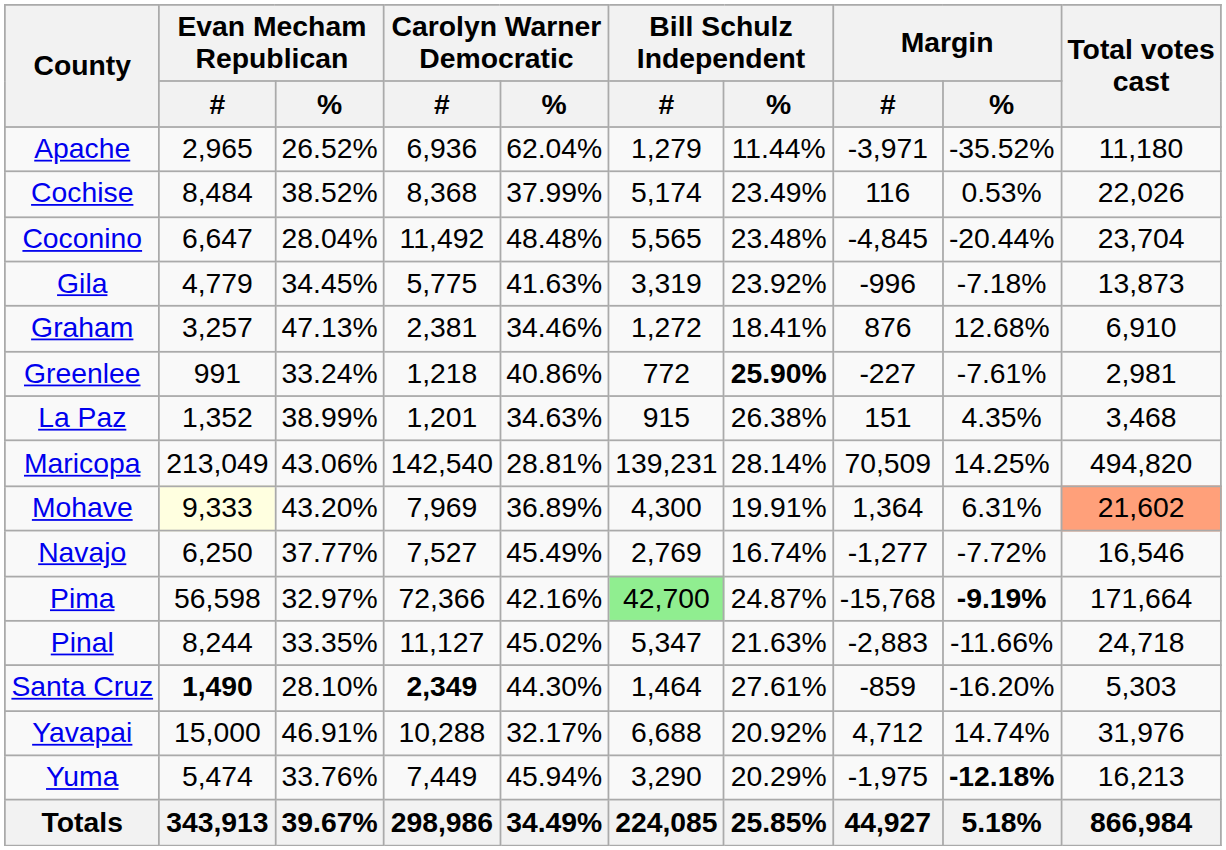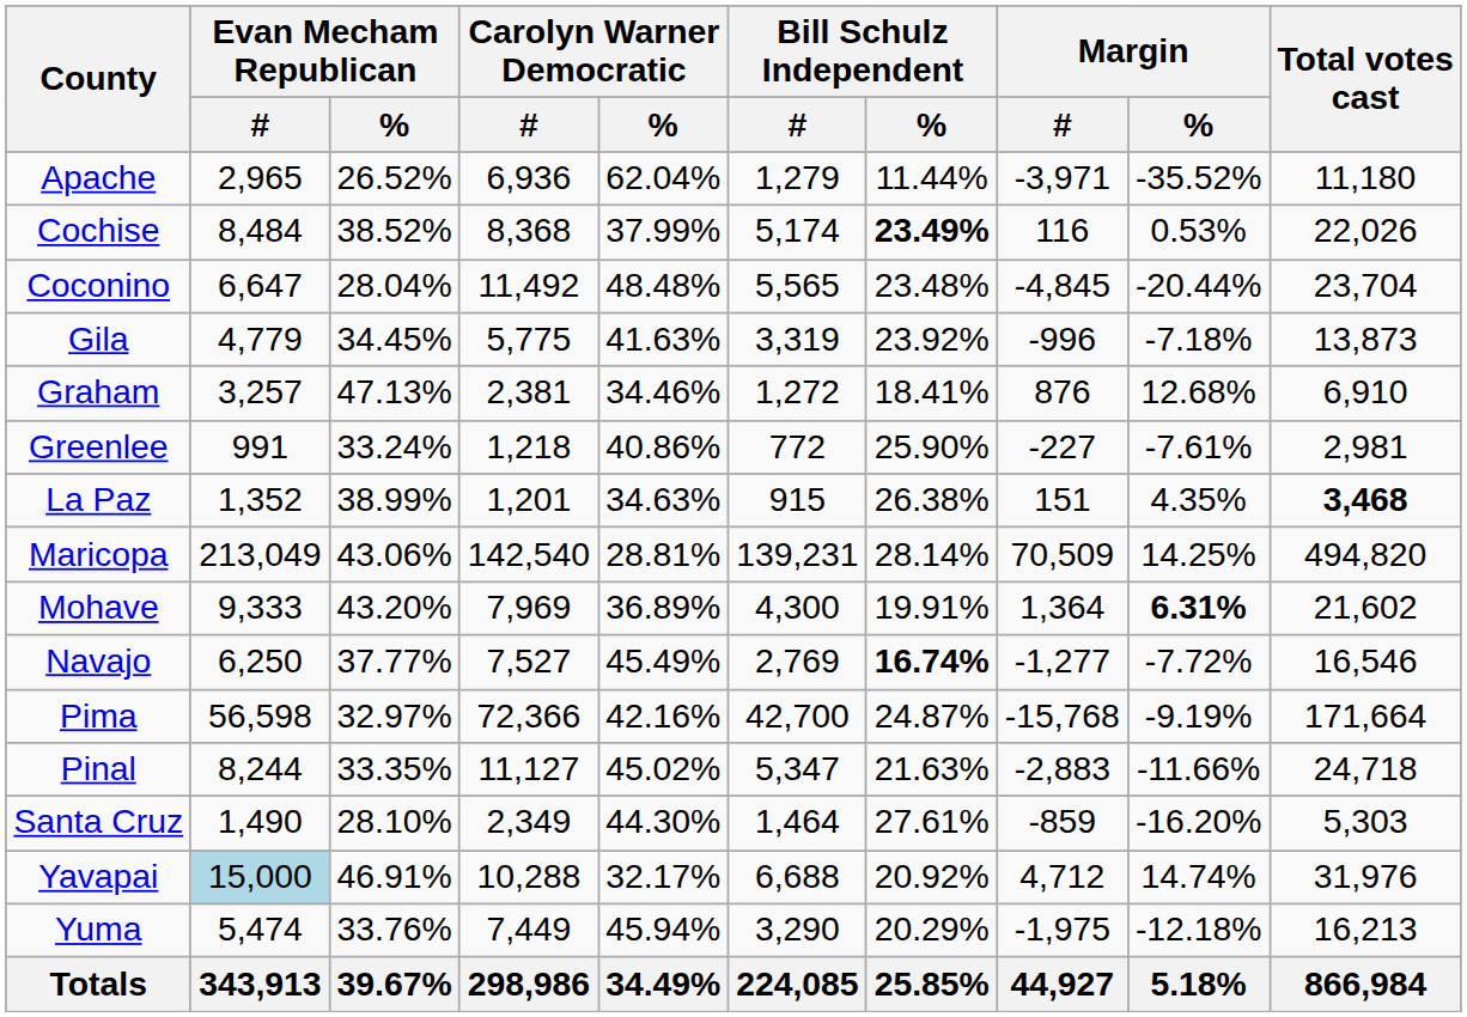 <table class="wikitable sortable">
 <tr>
 <th rowspan="2">County</th>
 <th style="text-align:center;" colspan="2">Evan Mecham<br>Republican</th>
 <th style="text-align:center;" colspan="2">Carolyn Warner<br>Democratic</th>
 <th style="text-align:center;" colspan="2">Bill Schulz<br>Independent</th>
 <th style="text-align:center;" colspan="2">Margin</th>
 <th style="text-align:center;" rowspan="2">Total votes<br>cast</th>
 </tr>
 <tr>
 <th style="text-align:center;" data-sort-type="number">#</th>
 <th style="text-align:center;" data-sort-type="number">%</th>
 <th style="text-align:center;" data-sort-type="number">#</th>
 <th style="text-align:center;" data-sort-type="number">%</th>
 <th style="text-align:center;" data-sort-type="number">#</th>
 <th style="text-align:center;" data-sort-type="number">%</th>
 <th style="text-align:center;" data-sort-type="number">#</th>
 <th style="text-align:center;" data-sort-type="number">%</th>
 </tr>
 <tr style="text-align:center;">
 <td><a href='#'>Apache</a></td>
 <td>2,965</td>
 <td>26.52%</td>
 <td>6,936</td>
 <td>62.04%</td>
 <td>1,279</td>
 <td>11.44%</td>
 <td>-3,971</td>
 <td>-35.52%</td>
 <td>11,180</td>
 </tr>
 <tr style="text-align:center;">
 <td><a href='#'>Cochise</a></td>
 <td>8,484</td>
 <td>38.52%</td>
 <td>8,368</td>
 <td>37.99%</td>
 <td>5,174</td>
-<td>23.49%</td>
+<td><strong>23.49%</strong></td>
 <td>116</td>
 <td>0.53%</td>
 <td>22,026</td>
 </tr>
 <tr style="text-align:center;">
 <td><a href='#'>Coconino</a></td>
 <td>6,647</td>
 <td>28.04%</td>
 <td>11,492</td>
 <td>48.48%</td>
 <td>5,565</td>
 <td>23.48%</td>
 <td>-4,845</td>
 <td>-20.44%</td>
 <td>23,704</td>
 </tr>
 <tr style="text-align:center;">
 <td><a href='#'>Gila</a></td>
 <td>4,779</td>
 <td>34.45%</td>
 <td>5,775</td>
 <td>41.63%</td>
 <td>3,319</td>
 <td>23.92%</td>
 <td>-996</td>
 <td>-7.18%</td>
 <td>13,873</td>
 </tr>
 <tr style="text-align:center;">
 <td><a href='#'>Graham</a></td>
 <td>3,257</td>
 <td>47.13%</td>
 <td>2,381</td>
 <td>34.46%</td>
 <td>1,272</td>
 <td>18.41%</td>
 <td>876</td>
 <td>12.68%</td>
 <td>6,910</td>
 </tr>
 <tr style="text-align:center;">
 <td><a href='#'>Greenlee</a></td>
 <td>991</td>
 <td>33.24%</td>
 <td>1,218</td>
 <td>40.86%</td>
 <td>772</td>
-<td><strong>25.90%</strong></td>
+<td>25.90%</td>
 <td>-227</td>
 <td>-7.61%</td>
 <td>2,981</td>
 </tr>
 <tr style="text-align:center;">
 <td><a href='#'>La Paz</a></td>
 <td>1,352</td>
 <td>38.99%</td>
 <td>1,201</td>
 <td>34.63%</td>
 <td>915</td>
 <td>26.38%</td>
 <td>151</td>
 <td>4.35%</td>
-<td>3,468</td>
+<td><strong>3,468</strong></td>
 </tr>
 <tr style="text-align:center;">
 <td><a href='#'>Maricopa</a></td>
 <td>213,049</td>
 <td>43.06%</td>
 <td>142,540</td>
 <td>28.81%</td>
 <td>139,231</td>
 <td>28.14%</td>
 <td>70,509</td>
 <td>14.25%</td>
 <td>494,820</td>
 </tr>
 <tr style="text-align:center;">
 <td><a href='#'>Mohave</a></td>
-<td style="background: lightyellow;">9,333</td>
+<td>9,333</td>
 <td>43.20%</td>
 <td>7,969</td>
 <td>36.89%</td>
 <td>4,300</td>
 <td>19.91%</td>
 <td>1,364</td>
-<td>6.31%</td>
-<td style="background: lightsalmon;">21,602</td>
+<td><strong>6.31%</strong></td>
+<td>21,602</td>
 </tr>
 <tr style="text-align:center;">
 <td><a href='#'>Navajo</a></td>
 <td>6,250</td>
 <td>37.77%</td>
 <td>7,527</td>
 <td>45.49%</td>
 <td>2,769</td>
-<td>16.74%</td>
+<td><strong>16.74%</strong></td>
 <td>-1,277</td>
 <td>-7.72%</td>
 <td>16,546</td>
 </tr>
 <tr style="text-align:center;">
 <td><a href='#'>Pima</a></td>
 <td>56,598</td>
 <td>32.97%</td>
 <td>72,366</td>
 <td>42.16%</td>
-<td style="background: lightgreen;">42,700</td>
+<td>42,700</td>
 <td>24.87%</td>
 <td>-15,768</td>
-<td><strong>-9.19%</strong></td>
+<td>-9.19%</td>
 <td>171,664</td>
 </tr>
 <tr style="text-align:center;">
 <td><a href='#'>Pinal</a></td>
 <td>8,244</td>
 <td>33.35%</td>
 <td>11,127</td>
 <td>45.02%</td>
 <td>5,347</td>
 <td>21.63%</td>
 <td>-2,883</td>
 <td>-11.66%</td>
 <td>24,718</td>
 </tr>
 <tr style="text-align:center;">
 <td><a href='#'>Santa Cruz</a></td>
-<td><strong>1,490</strong></td>
+<td>1,490</td>
 <td>28.10%</td>
-<td><strong>2,349</strong></td>
+<td>2,349</td>
 <td>44.30%</td>
 <td>1,464</td>
 <td>27.61%</td>
 <td>-859</td>
 <td>-16.20%</td>
 <td>5,303</td>
 </tr>
 <tr style="text-align:center;">
 <td><a href='#'>Yavapai</a></td>
-<td>15,000</td>
+<td style="background: lightblue;">15,000</td>
 <td>46.91%</td>
 <td>10,288</td>
 <td>32.17%</td>
 <td>6,688</td>
 <td>20.92%</td>
 <td>4,712</td>
 <td>14.74%</td>
 <td>31,976</td>
 </tr>
 <tr style="text-align:center;">
 <td><a href='#'>Yuma</a></td>
 <td>5,474</td>
 <td>33.76%</td>
 <td>7,449</td>
 <td>45.94%</td>
 <td>3,290</td>
 <td>20.29%</td>
 <td>-1,975</td>
-<td><strong>-12.18%</strong></td>
+<td>-12.18%</td>
 <td>16,213</td>
 </tr>
 <tr style="text-align:center;">
 <th>Totals</th>
 <th>343,913</th>
 <th>39.67%</th>
 <th>298,986</th>
 <th>34.49%</th>
 <th>224,085</th>
 <th>25.85%</th>
 <th>44,927</th>
 <th>5.18%</th>
 <th>866,984</th>
 </tr>
 </table>
